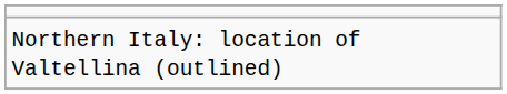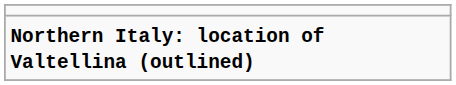 <table class="wikitable floatright" style="width:250px;">
 <tr>
 <td></td>
 </tr>
 <tr>
-<td><small>Northern Italy: location of Valtellina (outlined)</small></td>
+<td><strong><small>Northern Italy: location of Valtellina (outlined)</small></strong></td>
 </tr>
 </table>
